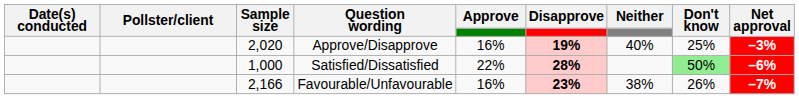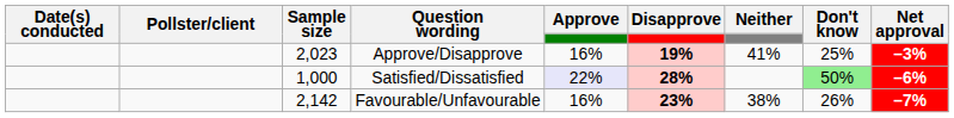 <table class="wikitable collapsible sortable mw-datatable" style="text-align:center;font-size:95%;line-height:14px;">
 <tr>
 <th style="width:125px;" rowspan="2">Date(s)<br>conducted</th>
 <th style="width:200px;" rowspan="2">Pollster/client</th>
 <th style="width:60px;" rowspan="2">Sample size</th>
 <th style="width:120px;" rowspan="2">Question<br>wording</th>
 <th class="unsortable" style="width:80px;">Approve</th>
 <th class="unsortable" style="width: 80px;">Disapprove</th>
 <th class="unsortable" style="width:80px;">Neither</th>
 <th class="unsortable" style="width:80px;" rowspan="2">Don't know</th>
 <th class="unsortable" style="width:20px;" rowspan="2">Net approval</th>
 </tr>
 <tr>
 <th class="unsortable" style="color:inherit;background:green;width:60px;"></th>
 <th class="unsortable" style="color:inherit;background:red;width:60px;"></th>
 <th class="unsortable" style="background:grey;width:60px;"></th>
 </tr>
 <tr>
 <td></td>
 <td></td>
-<td>2,020</td>
+<td>2,023</td>
 <td>Approve/Disapprove</td>
 <td>16%</td>
 <td style="background:#ffcccb"><strong>19%</strong></td>
-<td>40%</td>
+<td>41%</td>
 <td>25%</td>
 <td style="background:red;color:white"><strong>–3%</strong></td>
 </tr>
 <tr>
 <td></td>
 <td></td>
 <td>1,000</td>
 <td>Satisfied/Dissatisfied</td>
-<td>22%</td>
+<td style="background: lavender;">22%</td>
 <td style="background:#ffcccb"><strong>28%</strong></td>
 <td></td>
 <td style="background: lightgreen;">50%</td>
 <td style="background:red;color:white;"><strong>–6%</strong></td>
 </tr>
 <tr>
 <td></td>
 <td></td>
-<td>2,166</td>
+<td>2,142</td>
 <td>Favourable/Unfavourable</td>
 <td>16%</td>
 <td style="background:#ffcccb"><strong>23%</strong></td>
 <td>38%</td>
 <td>26%</td>
 <td style="background:red;color:white;"><strong>–7%</strong></td>
 </tr>
 </table>
